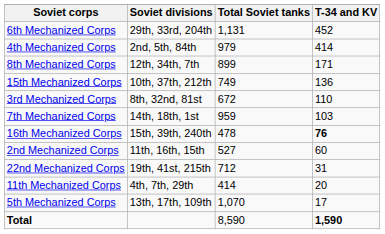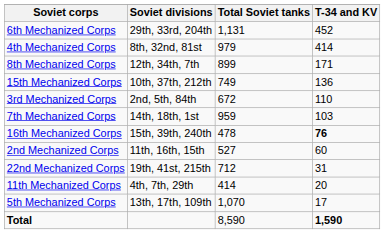 <table class="wikitable sortable">
 <tr>
 </tr>
 <tr>
 <th>Soviet corps</th>
 <th>Soviet divisions</th>
 <th>Total Soviet tanks</th>
 <th>T-34 and KV</th>
 </tr>
 <tr>
 <td><a href='#'>6th Mechanized Corps</a></td>
 <td>29th, 33rd, 204th</td>
 <td>1,131</td>
 <td>452</td>
 </tr>
 <tr>
 <td><a href='#'>4th Mechanized Corps</a></td>
-<td>2nd, 5th, 84th</td>
+<td>8th, 32nd, 81st</td>
 <td>979</td>
 <td>414</td>
 </tr>
 <tr>
 <td><a href='#'>8th Mechanized Corps</a></td>
 <td>12th, 34th, 7th</td>
 <td>899</td>
 <td>171</td>
 </tr>
 <tr>
 <td><a href='#'>15th Mechanized Corps</a></td>
 <td>10th, 37th, 212th</td>
 <td>749</td>
 <td>136</td>
 </tr>
 <tr>
 <td><a href='#'>3rd Mechanized Corps</a></td>
-<td>8th, 32nd, 81st</td>
+<td>2nd, 5th, 84th</td>
 <td>672</td>
 <td>110</td>
 </tr>
 <tr>
 <td><a href='#'>7th Mechanized Corps</a></td>
 <td>14th, 18th, 1st</td>
 <td>959</td>
 <td>103</td>
 </tr>
 <tr>
 <td><a href='#'>16th Mechanized Corps</a></td>
 <td>15th, 39th, 240th</td>
 <td>478</td>
 <td><strong>76</strong></td>
 </tr>
 <tr>
 <td><a href='#'>2nd Mechanized Corps</a></td>
 <td>11th, 16th, 15th</td>
 <td>527</td>
 <td>60</td>
 </tr>
 <tr>
 <td><a href='#'>22nd Mechanized Corps</a></td>
 <td>19th, 41st, 215th</td>
 <td>712</td>
 <td>31</td>
 </tr>
 <tr>
 <td><a href='#'>11th Mechanized Corps</a></td>
 <td>4th, 7th, 29th</td>
 <td>414</td>
 <td>20</td>
 </tr>
 <tr>
 <td><a href='#'>5th Mechanized Corps</a></td>
 <td>13th, 17th, 109th</td>
 <td>1,070</td>
 <td>17</td>
 </tr>
 <tr>
 <td><strong>Total</strong></td>
 <td> </td>
 <td>8,590</td>
 <td><strong>1,590</strong></td>
 </tr>
 </table>
